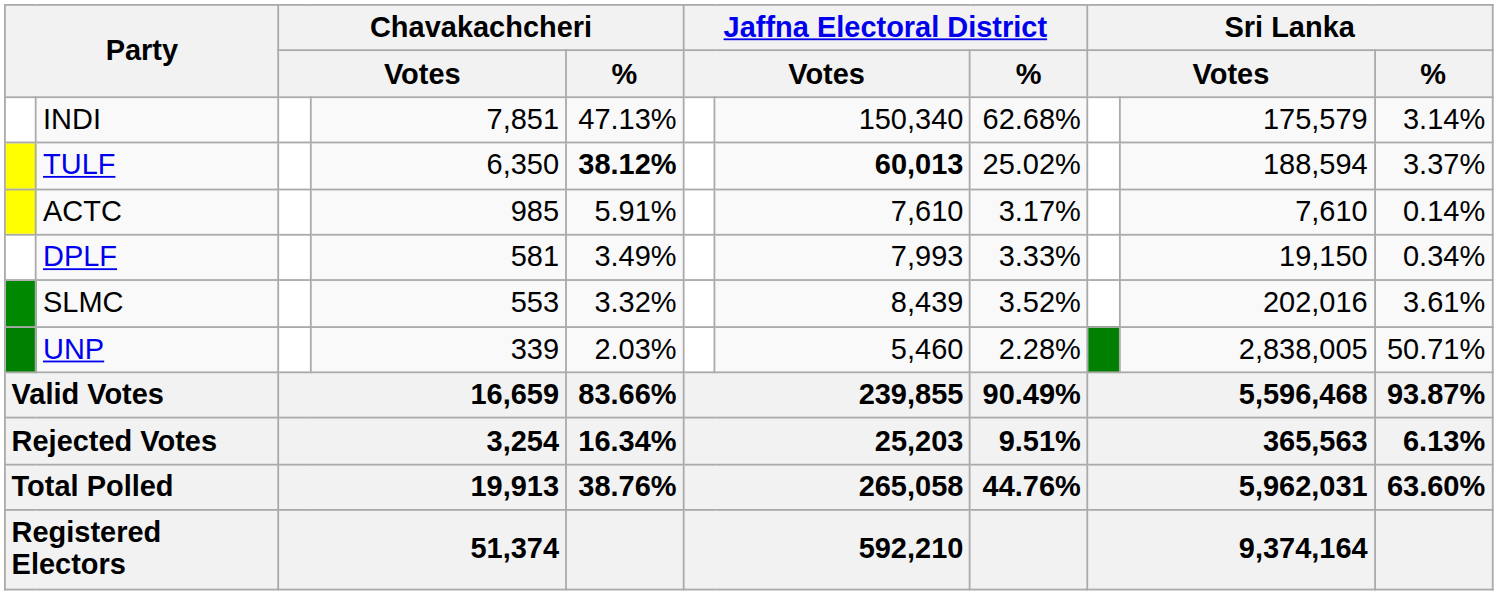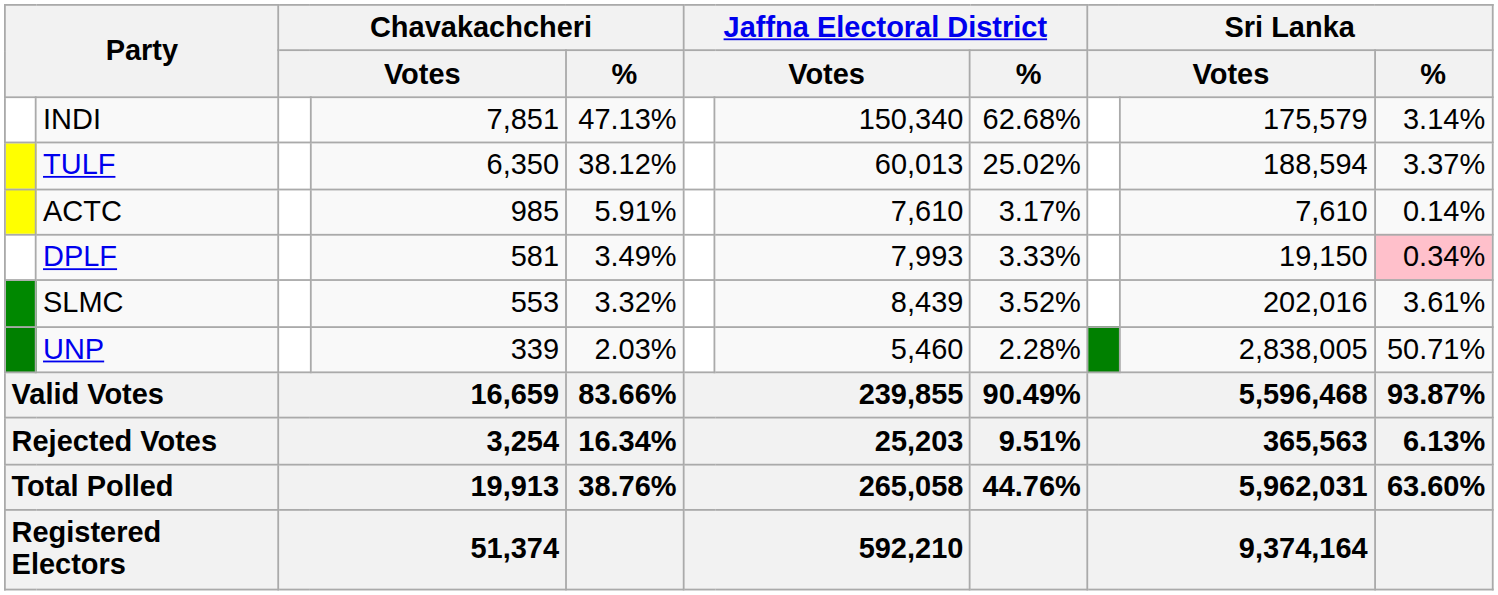 <table class="wikitable">
 <tr>
 <th colspan="2" width="144px"rowspan="2">Party</th>
 <th colspan="3" width="216px">Chavakachcheri</th>
 <th colspan="3" width="216px"><a href='#'>Jaffna Electoral District</a></th>
 <th colspan="3" width="216px">Sri Lanka</th>
 </tr>
 <tr>
 <th colspan="2" width="144px">Votes</th>
 <th>%</th>
 <th colspan="2" width="144px">Votes</th>
 <th>%</th>
 <th colspan="2" width="144px">Votes</th>
 <th>%</th>
 </tr>
 <tr>
 <td style="background-color:white;" width="10px"></td>
 <td style="text-align:left;">INDI</td>
 <td style="background-color:white;" width="10px"></td>
 <td style="text-align:right;">7,851</td>
 <td style="text-align:right;">47.13%</td>
 <td style="background-color:white;" width="10px"></td>
 <td style="text-align:right;">150,340</td>
 <td style="text-align:right;">62.68%</td>
 <td style="background-color:white;" width="10px"></td>
 <td style="text-align:right;">175,579</td>
 <td style="text-align:right;">3.14%</td>
 </tr>
 <tr>
 <td style="background-color:yellow;" width="10px"></td>
 <td style="text-align:left;"><a href='#'>TULF</a></td>
 <td style="background-color:white;" width="10px"></td>
 <td style="text-align:right;">6,350</td>
-<td style="text-align:right;"><strong>38.12%</strong></td>
+<td style="text-align:right;">38.12%</td>
 <td style="background-color:white;" width="10px"></td>
-<td style="text-align:right;"><strong>60,013</strong></td>
+<td style="text-align:right;">60,013</td>
 <td style="text-align:right;">25.02%</td>
 <td style="background-color:white;" width="10px"></td>
 <td style="text-align:right;">188,594</td>
 <td style="text-align:right;">3.37%</td>
 </tr>
 <tr>
 <td style="background-color:yellow;" width="10px"></td>
 <td style="text-align:left;">ACTC</td>
 <td style="background-color:white;" width="10px"></td>
 <td style="text-align:right;">985</td>
 <td style="text-align:right;">5.91%</td>
 <td style="background-color:white;" width="10px"></td>
 <td style="text-align:right;">7,610</td>
 <td style="text-align:right;">3.17%</td>
 <td style="background-color:white;" width="10px"></td>
 <td style="text-align:right;">7,610</td>
 <td style="text-align:right;">0.14%</td>
 </tr>
 <tr>
 <td style="background-color:white;" width="10px"></td>
 <td style="text-align:left;"><a href='#'>DPLF</a></td>
 <td style="background-color:white;" width="10px"></td>
 <td style="text-align:right;">581</td>
 <td style="text-align:right;">3.49%</td>
 <td style="background-color:white;" width="10px"></td>
 <td style="text-align:right;">7,993</td>
 <td style="text-align:right;">3.33%</td>
 <td style="background-color:white;" width="10px"></td>
 <td style="text-align:right;">19,150</td>
-<td style="text-align:right;">0.34%</td>
+<td style="background: pink; text-align:right;">0.34%</td>
 </tr>
 <tr>
 <td style="background-color:#008800;" width="10px"></td>
 <td style="text-align:left;">SLMC</td>
 <td style="background-color:white;" width="10px"></td>
 <td style="text-align:right;">553</td>
 <td style="text-align:right;">3.32%</td>
 <td style="background-color:white;" width="10px"></td>
 <td style="text-align:right;">8,439</td>
 <td style="text-align:right;">3.52%</td>
 <td style="background-color:white;" width="10px"></td>
 <td style="text-align:right;">202,016</td>
 <td style="text-align:right;">3.61%</td>
 </tr>
 <tr>
 <td style="background-color:green;" width="10px"></td>
 <td style="text-align:left;"><a href='#'>UNP</a></td>
 <td style="background-color:white;" width="10px"></td>
 <td style="text-align:right;">339</td>
 <td style="text-align:right;">2.03%</td>
 <td style="background-color:white;" width="10px"></td>
 <td style="text-align:right;">5,460</td>
 <td style="text-align:right;">2.28%</td>
 <td style="background-color:green;" width="10px"></td>
 <td style="text-align:right;">2,838,005</td>
 <td style="text-align:right;">50.71%</td>
 </tr>
 <tr>
 <th colspan="2" width="144px"style="text-align:left;">Valid Votes</th>
 <th style="text-align:right;"colspan="2" width="144px">16,659</th>
 <th style="text-align:right;">83.66%</th>
 <th style="text-align:right;"colspan="2" width="144px">239,855</th>
 <th style="text-align:right;">90.49%</th>
 <th style="text-align:right;"colspan="2" width="144px">5,596,468</th>
 <th style="text-align:right;">93.87%</th>
 </tr>
 <tr>
 <th colspan="2" width="144px"style="text-align:left;">Rejected Votes</th>
 <th style="text-align:right;"colspan="2" width="144px">3,254</th>
 <th style="text-align:right;">16.34%</th>
 <th style="text-align:right;"colspan="2" width="144px">25,203</th>
 <th style="text-align:right;">9.51%</th>
 <th style="text-align:right;"colspan="2" width="144px">365,563</th>
 <th style="text-align:right;">6.13%</th>
 </tr>
 <tr>
 <th colspan="2" width="144px"style="text-align:left;">Total Polled</th>
 <th style="text-align:right;"colspan="2" width="144px">19,913</th>
 <th style="text-align:right;">38.76%</th>
 <th style="text-align:right;"colspan="2" width="144px">265,058</th>
 <th style="text-align:right;">44.76%</th>
 <th style="text-align:right;"colspan="2" width="144px">5,962,031</th>
 <th style="text-align:right;">63.60%</th>
 </tr>
 <tr>
 <th colspan="2" width="144px"style="text-align:left;">Registered Electors</th>
 <th style="text-align:right;"colspan="2" width="144px">51,374</th>
 <th></th>
 <th style="text-align:right;"colspan="2" width="144px">592,210</th>
 <th></th>
 <th style="text-align:right;"colspan="2" width="144px">9,374,164</th>
 <th></th>
 </tr>
 </table>
